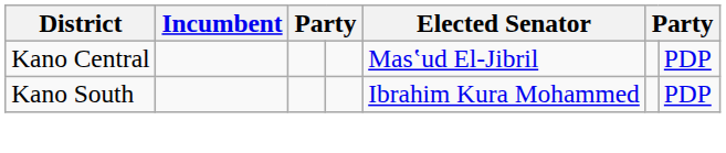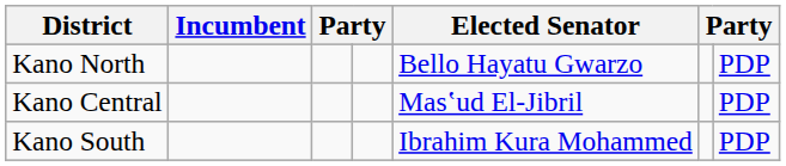 <table class="sortable wikitable" style="font-size:95%;line-height:14px;">
 <tr>
 <th class="unsortable">District</th>
 <th class="unsortable"><a href='#'>Incumbent</a></th>
 <th colspan="2">Party</th>
 <th class="unsortable">Elected Senator</th>
 <th colspan="2">Party</th>
+</tr>
+<tr>
+<td>Kano North</td>
+<td></td>
+<td></td>
+<td></td>
+<td><a href='#'>Bello Hayatu Gwarzo</a></td>
+<td style="background:"></td>
+<td><a href='#'>PDP</a></td>
 </tr>
 <tr>
 <td>Kano Central</td>
 <td></td>
 <td></td>
 <td></td>
 <td><a href='#'>Masʽud El-Jibril</a></td>
 <td style="background:"></td>
 <td><a href='#'>PDP</a></td>
 </tr>
 <tr>
 <td>Kano South</td>
 <td></td>
 <td></td>
 <td></td>
 <td><a href='#'>Ibrahim Kura Mohammed</a></td>
 <td style="background:"></td>
 <td><a href='#'>PDP</a></td>
 </tr>
 </table>
